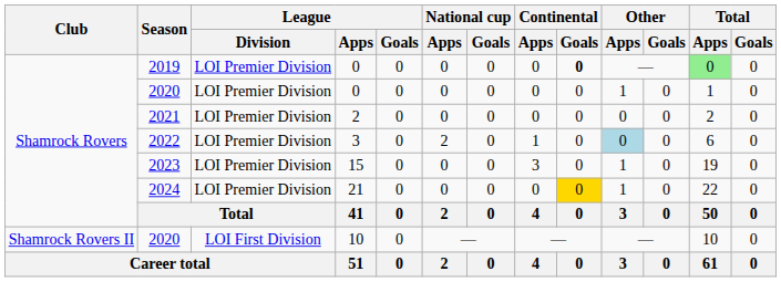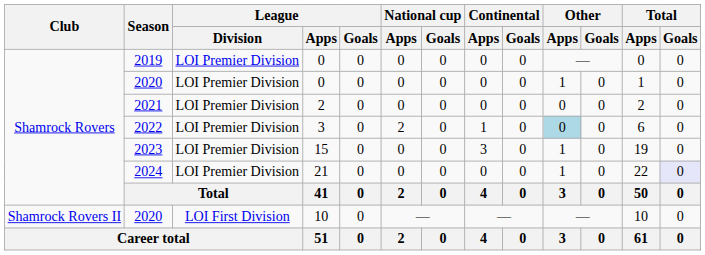 <table class="wikitable" style="text-align:center">
 <tr>
 <th rowspan="2">Club</th>
 <th rowspan="2">Season</th>
 <th colspan="3">League</th>
 <th colspan="2">National cup</th>
 <th colspan="2">Continental</th>
 <th colspan="2">Other</th>
 <th colspan="2">Total</th>
 </tr>
 <tr>
 <th>Division</th>
 <th>Apps</th>
 <th>Goals</th>
 <th>Apps</th>
 <th>Goals</th>
 <th>Apps</th>
 <th>Goals</th>
 <th>Apps</th>
 <th>Goals</th>
 <th>Apps</th>
 <th>Goals</th>
 </tr>
 <tr>
 <td rowspan="7"><a href='#'>Shamrock Rovers</a></td>
 <td><a href='#'>2019</a></td>
 <td><a href='#'>LOI Premier Division</a></td>
 <td>0</td>
 <td>0</td>
 <td>0</td>
 <td>0</td>
 <td>0</td>
-<td><strong>0</strong></td>
+<td>0</td>
 <td colspan="2">—</td>
-<td style="background: lightgreen;">0</td>
+<td>0</td>
 <td>0</td>
 </tr>
 <tr>
 <td><a href='#'>2020</a></td>
 <td>LOI Premier Division</td>
 <td>0</td>
 <td>0</td>
 <td>0</td>
 <td>0</td>
 <td>0</td>
 <td>0</td>
 <td>1</td>
 <td>0</td>
 <td>1</td>
 <td>0</td>
 </tr>
 <tr>
 <td><a href='#'>2021</a></td>
 <td>LOI Premier Division</td>
 <td>2</td>
 <td>0</td>
 <td>0</td>
 <td>0</td>
 <td>0</td>
 <td>0</td>
 <td>0</td>
 <td>0</td>
 <td>2</td>
 <td>0</td>
 </tr>
 <tr>
 <td><a href='#'>2022</a></td>
 <td>LOI Premier Division</td>
 <td>3</td>
 <td>0</td>
 <td>2</td>
 <td>0</td>
 <td>1</td>
 <td>0</td>
 <td style="background: lightblue;">0</td>
 <td>0</td>
 <td>6</td>
 <td>0</td>
 </tr>
 <tr>
 <td><a href='#'>2023</a></td>
 <td>LOI Premier Division</td>
 <td>15</td>
 <td>0</td>
 <td>0</td>
 <td>0</td>
 <td>3</td>
 <td>0</td>
 <td>1</td>
 <td>0</td>
 <td>19</td>
 <td>0</td>
 </tr>
 <tr>
 <td><a href='#'>2024</a></td>
 <td>LOI Premier Division</td>
 <td>21</td>
 <td>0</td>
 <td>0</td>
 <td>0</td>
 <td>0</td>
-<td style="background: gold;">0</td>
+<td>0</td>
 <td>1</td>
 <td>0</td>
 <td>22</td>
-<td>0</td>
+<td style="background: lavender;">0</td>
 </tr>
 <tr>
 <th colspan="2">Total</th>
 <th>41</th>
 <th>0</th>
 <th>2</th>
 <th>0</th>
 <th>4</th>
 <th>0</th>
 <th>3</th>
 <th>0</th>
 <th>50</th>
 <th>0</th>
 </tr>
 <tr>
 <td><a href='#'>Shamrock Rovers II</a></td>
 <td><a href='#'>2020</a></td>
 <td><a href='#'>LOI First Division</a></td>
 <td>10</td>
 <td>0</td>
 <td colspan="2">—</td>
 <td colspan="2">—</td>
 <td colspan="2">—</td>
 <td>10</td>
 <td>0</td>
 </tr>
 <tr>
 <th colspan="3">Career total</th>
 <th>51</th>
 <th>0</th>
 <th>2</th>
 <th>0</th>
 <th>4</th>
 <th>0</th>
 <th>3</th>
 <th>0</th>
 <th>61</th>
 <th>0</th>
 </tr>
 </table>
